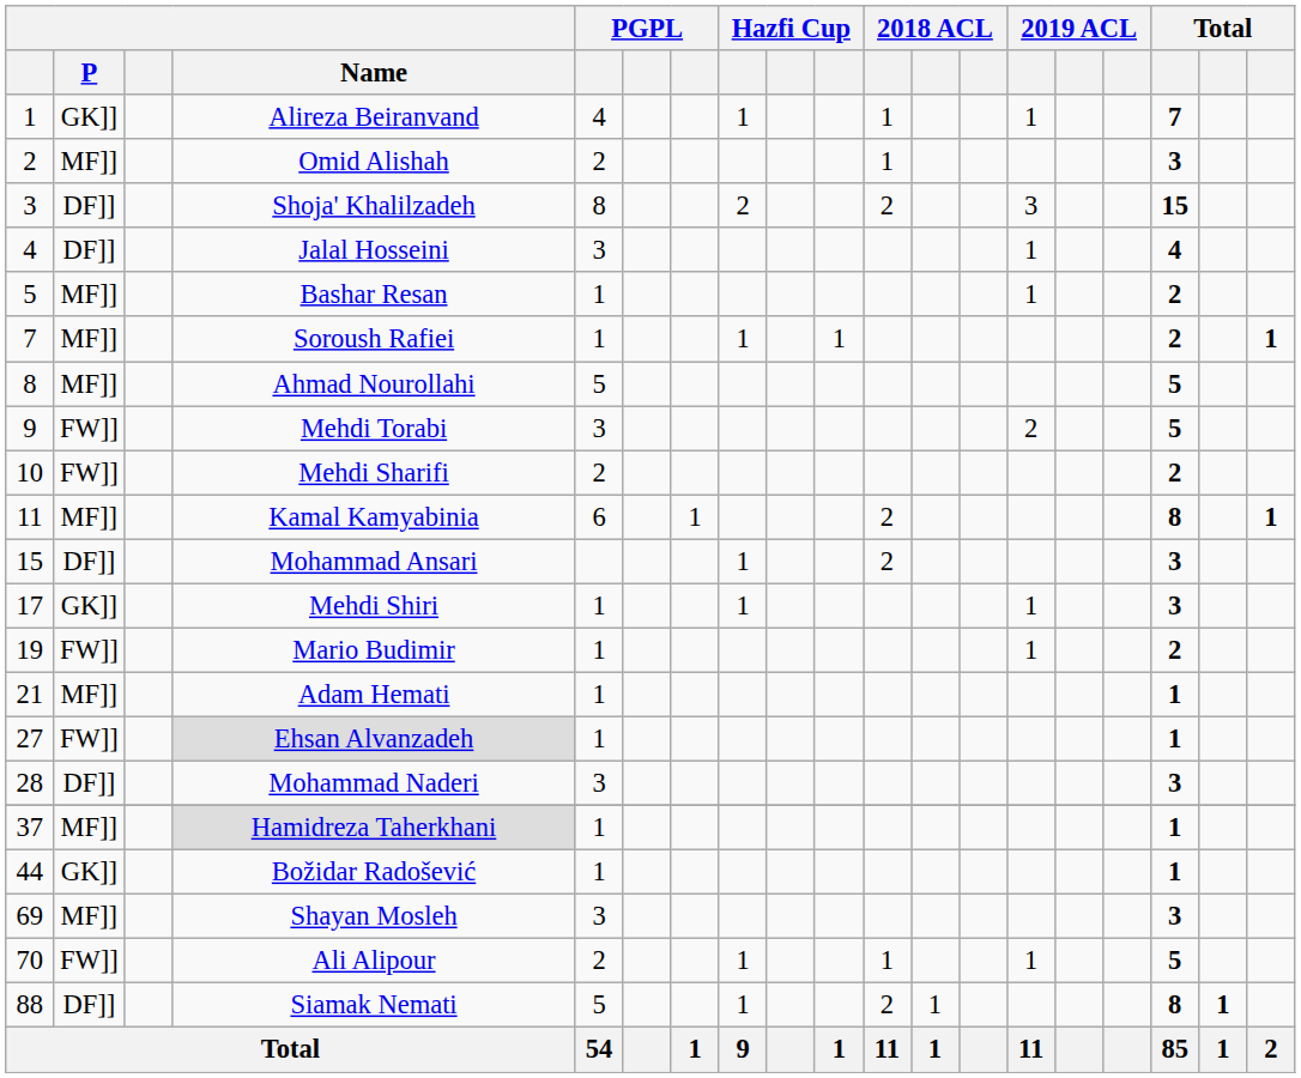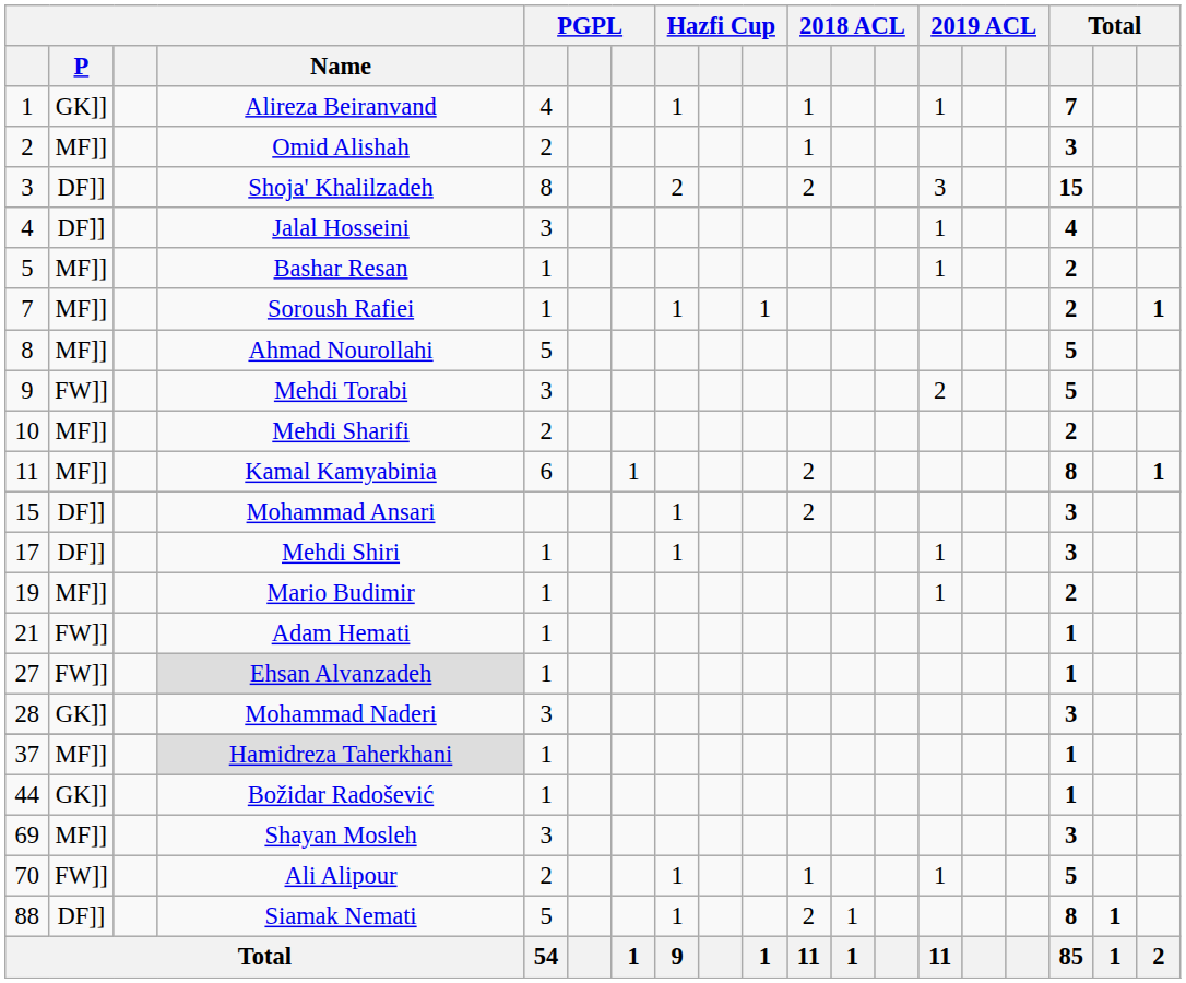 <table class="wikitable sortable" style="text-align:center; font-size:95%;">
 <tr>
 <th colspan="4"></th>
 <th colspan="3"><a href='#'>PGPL</a></th>
 <th colspan="3"><a href='#'>Hazfi Cup</a></th>
 <th colspan="3"><a href='#'>2018 ACL</a></th>
 <th colspan="3"><a href='#'>2019 ACL</a></th>
 <th colspan="3">Total</th>
 </tr>
 <tr>
 <th width=20></th>
 <th width=20><a href='#'>P</a></th>
 <th width=20></th>
 <th width=220>Name</th>
 <th width=20></th>
 <th width=20></th>
 <th width=20></th>
 <th width=20></th>
 <th width=20></th>
 <th width=20></th>
 <th width=20></th>
 <th width=20></th>
 <th width=20></th>
 <th width=20></th>
 <th width=20></th>
 <th width=20></th>
 <th width=20></th>
 <th width=20></th>
 <th width=20></th>
 </tr>
 <tr>
 <td>1</td>
 <td [[>GK]]</td>
 <td></td>
 <td><a href='#'>Alireza Beiranvand</a></td>
 <td>4</td>
 <td></td>
 <td></td>
 <td>1</td>
 <td></td>
 <td></td>
 <td>1</td>
 <td></td>
 <td></td>
 <td>1</td>
 <td></td>
 <td></td>
 <td><strong>7</strong></td>
 <td></td>
 <td></td>
 </tr>
 <tr>
 <td>2</td>
 <td [[>MF]]</td>
 <td></td>
 <td><a href='#'>Omid Alishah</a></td>
 <td>2</td>
 <td></td>
 <td></td>
 <td></td>
 <td></td>
 <td></td>
 <td>1</td>
 <td></td>
 <td></td>
 <td></td>
 <td></td>
 <td></td>
 <td><strong>3</strong></td>
 <td></td>
 <td></td>
 </tr>
 <tr>
 <td>3</td>
 <td [[>DF]]</td>
 <td></td>
 <td><a href='#'>Shoja' Khalilzadeh</a></td>
 <td>8</td>
 <td></td>
 <td></td>
 <td>2</td>
 <td></td>
 <td></td>
 <td>2</td>
 <td></td>
 <td></td>
 <td>3</td>
 <td></td>
 <td></td>
 <td><strong>15</strong></td>
 <td></td>
 <td></td>
 </tr>
 <tr>
 <td>4</td>
 <td [[>DF]]</td>
 <td></td>
 <td><a href='#'>Jalal Hosseini</a></td>
 <td>3</td>
 <td></td>
 <td></td>
 <td></td>
 <td></td>
 <td></td>
 <td></td>
 <td></td>
 <td></td>
 <td>1</td>
 <td></td>
 <td></td>
 <td><strong>4</strong></td>
 <td></td>
 <td></td>
 </tr>
 <tr>
 <td>5</td>
 <td [[>MF]]</td>
 <td></td>
 <td><a href='#'>Bashar Resan</a></td>
 <td>1</td>
 <td></td>
 <td></td>
 <td></td>
 <td></td>
 <td></td>
 <td></td>
 <td></td>
 <td></td>
 <td>1</td>
 <td></td>
 <td></td>
 <td><strong>2</strong></td>
 <td></td>
 <td></td>
 </tr>
 <tr>
 <td>7</td>
 <td [[>MF]]</td>
 <td></td>
 <td><a href='#'>Soroush Rafiei</a></td>
 <td>1</td>
 <td></td>
 <td></td>
 <td>1</td>
 <td></td>
 <td>1</td>
 <td></td>
 <td></td>
 <td></td>
 <td></td>
 <td></td>
 <td></td>
 <td><strong>2</strong></td>
 <td></td>
 <td><strong>1</strong></td>
 </tr>
 <tr>
 <td>8</td>
 <td [[>MF]]</td>
 <td></td>
 <td><a href='#'>Ahmad Nourollahi</a></td>
 <td>5</td>
 <td></td>
 <td></td>
 <td></td>
 <td></td>
 <td></td>
 <td></td>
 <td></td>
 <td></td>
 <td></td>
 <td></td>
 <td></td>
 <td><strong>5</strong></td>
 <td></td>
 <td></td>
 </tr>
 <tr>
 <td>9</td>
 <td [[>FW]]</td>
 <td></td>
 <td><a href='#'>Mehdi Torabi</a></td>
 <td>3</td>
 <td></td>
 <td></td>
 <td></td>
 <td></td>
 <td></td>
 <td></td>
 <td></td>
 <td></td>
 <td>2</td>
 <td></td>
 <td></td>
 <td><strong>5</strong></td>
 <td></td>
 <td></td>
 </tr>
 <tr>
 <td>10</td>
-<td [[>FW]]</td>
+<td [[>MF]]</td>
 <td></td>
 <td><a href='#'>Mehdi Sharifi</a></td>
 <td>2</td>
 <td></td>
 <td></td>
 <td></td>
 <td></td>
 <td></td>
 <td></td>
 <td></td>
 <td></td>
 <td></td>
 <td></td>
 <td></td>
 <td><strong>2</strong></td>
 <td></td>
 <td></td>
 </tr>
 <tr>
 <td>11</td>
 <td [[>MF]]</td>
 <td></td>
 <td><a href='#'>Kamal Kamyabinia</a></td>
 <td>6</td>
 <td></td>
 <td>1</td>
 <td></td>
 <td></td>
 <td></td>
 <td>2</td>
 <td></td>
 <td></td>
 <td></td>
 <td></td>
 <td></td>
 <td><strong>8</strong></td>
 <td></td>
 <td><strong>1</strong></td>
 </tr>
 <tr>
 <td>15</td>
 <td [[>DF]]</td>
 <td></td>
 <td><a href='#'>Mohammad Ansari</a></td>
 <td></td>
 <td></td>
 <td></td>
 <td>1</td>
 <td></td>
 <td></td>
 <td>2</td>
 <td></td>
 <td></td>
 <td></td>
 <td></td>
 <td></td>
 <td><strong>3</strong></td>
 <td></td>
 <td></td>
 </tr>
 <tr>
 <td>17</td>
-<td [[>GK]]</td>
+<td [[>DF]]</td>
 <td></td>
 <td><a href='#'>Mehdi Shiri</a></td>
 <td>1</td>
 <td></td>
 <td></td>
 <td>1</td>
 <td></td>
 <td></td>
 <td></td>
 <td></td>
 <td></td>
 <td>1</td>
 <td></td>
 <td></td>
 <td><strong>3</strong></td>
 <td></td>
 <td></td>
 </tr>
 <tr>
 <td>19</td>
-<td [[>FW]]</td>
+<td [[>MF]]</td>
 <td></td>
 <td><a href='#'>Mario Budimir</a></td>
 <td>1</td>
 <td></td>
 <td></td>
 <td></td>
 <td></td>
 <td></td>
 <td></td>
 <td></td>
 <td></td>
 <td>1</td>
 <td></td>
 <td></td>
 <td><strong>2</strong></td>
 <td></td>
 <td></td>
 </tr>
 <tr>
 <td>21</td>
-<td [[>MF]]</td>
+<td [[>FW]]</td>
 <td><br></td>
 <td><a href='#'>Adam Hemati</a></td>
 <td>1</td>
 <td></td>
 <td></td>
 <td></td>
 <td></td>
 <td></td>
 <td></td>
 <td></td>
 <td></td>
 <td></td>
 <td></td>
 <td></td>
 <td><strong>1</strong></td>
 <td></td>
 <td></td>
 </tr>
 <tr>
 <td>27</td>
 <td [[>FW]]</td>
 <td></td>
 <td style="background:#DDDDDD"><a href='#'>Ehsan Alvanzadeh</a></td>
 <td>1</td>
 <td></td>
 <td></td>
 <td></td>
 <td></td>
 <td></td>
 <td></td>
 <td></td>
 <td></td>
 <td></td>
 <td></td>
 <td></td>
 <td><strong>1</strong></td>
 <td></td>
 <td></td>
 </tr>
 <tr>
 <td>28</td>
-<td [[>DF]]</td>
+<td [[>GK]]</td>
 <td></td>
 <td><a href='#'>Mohammad Naderi</a></td>
 <td>3</td>
 <td></td>
 <td></td>
 <td></td>
 <td></td>
 <td></td>
 <td></td>
 <td></td>
 <td></td>
 <td></td>
 <td></td>
 <td></td>
 <td><strong>3</strong></td>
 <td></td>
 <td></td>
 </tr>
 <tr>
 </tr>
 <tr>
 <td>37</td>
 <td [[>MF]]</td>
 <td></td>
 <td style="background:#DDDDDD"><a href='#'>Hamidreza Taherkhani</a></td>
 <td>1</td>
 <td></td>
 <td></td>
 <td></td>
 <td></td>
 <td></td>
 <td></td>
 <td></td>
 <td></td>
 <td></td>
 <td></td>
 <td></td>
 <td><strong>1</strong></td>
 <td></td>
 <td></td>
 </tr>
 <tr>
 <td>44</td>
 <td [[>GK]]</td>
 <td></td>
 <td><a href='#'>Božidar Radošević</a></td>
 <td>1</td>
 <td></td>
 <td></td>
 <td></td>
 <td></td>
 <td></td>
 <td></td>
 <td></td>
 <td></td>
 <td></td>
 <td></td>
 <td></td>
 <td><strong>1</strong></td>
 <td></td>
 <td></td>
 </tr>
 <tr>
 <td>69</td>
 <td [[>MF]]</td>
 <td></td>
 <td><a href='#'>Shayan Mosleh</a></td>
 <td>3</td>
 <td></td>
 <td></td>
 <td></td>
 <td></td>
 <td></td>
 <td></td>
 <td></td>
 <td></td>
 <td></td>
 <td></td>
 <td></td>
 <td><strong>3</strong></td>
 <td></td>
 <td></td>
 </tr>
 <tr>
 <td>70</td>
 <td [[>FW]]</td>
 <td></td>
 <td><a href='#'>Ali Alipour</a></td>
 <td>2</td>
 <td></td>
 <td></td>
 <td>1</td>
 <td></td>
 <td></td>
 <td>1</td>
 <td></td>
 <td></td>
 <td>1</td>
 <td></td>
 <td></td>
 <td><strong>5</strong></td>
 <td></td>
 <td></td>
 </tr>
 <tr>
 <td>88</td>
 <td [[>DF]]</td>
 <td></td>
 <td><a href='#'>Siamak Nemati</a></td>
 <td>5</td>
 <td></td>
 <td></td>
 <td>1</td>
 <td></td>
 <td></td>
 <td>2</td>
 <td>1</td>
 <td></td>
 <td></td>
 <td></td>
 <td></td>
 <td><strong>8</strong></td>
 <td><strong>1</strong></td>
 <td></td>
 </tr>
 <tr>
 <th colspan="4">Total</th>
 <th>54</th>
 <th></th>
 <th>1</th>
 <th>9</th>
 <th></th>
 <th>1</th>
 <th>11</th>
 <th>1</th>
 <th></th>
 <th>11</th>
 <th></th>
 <th></th>
 <th>85</th>
 <th>1</th>
 <th>2</th>
 </tr>
 <tr align=left style="background:#DCDCDC">
 </tr>
 </table>
